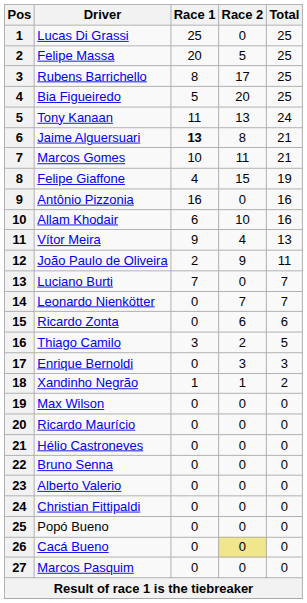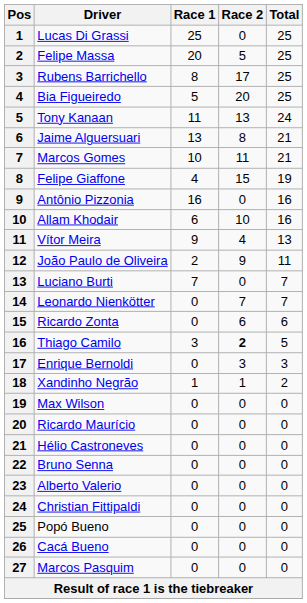 <table class="wikitable" style="font-size: 90%">
 <tr>
 <th>Pos</th>
 <th>Driver</th>
 <th>Race 1</th>
 <th>Race 2</th>
 <th>Total</th>
 </tr>
 <tr>
 <th>1</th>
 <td><a href='#'>Lucas Di Grassi</a></td>
 <td align="center">25</td>
 <td align="center">0</td>
 <td align="center">25</td>
 </tr>
 <tr>
 <th>2</th>
 <td><a href='#'>Felipe Massa</a></td>
 <td align="center">20</td>
 <td align="center">5</td>
 <td align="center">25</td>
 </tr>
 <tr>
 <th>3</th>
 <td><a href='#'>Rubens Barrichello</a></td>
 <td align="center">8</td>
 <td align="center">17</td>
 <td align="center">25</td>
 </tr>
 <tr>
 <th>4</th>
 <td><a href='#'>Bia Figueiredo</a></td>
 <td align="center">5</td>
 <td align="center">20</td>
 <td align="center">25</td>
 </tr>
 <tr>
 <th>5</th>
 <td><a href='#'>Tony Kanaan</a></td>
 <td align="center">11</td>
 <td align="center">13</td>
 <td align="center">24</td>
 </tr>
 <tr>
 <th>6</th>
 <td><a href='#'>Jaime Alguersuari</a></td>
-<td align="center"><strong>13</strong></td>
+<td align="center">13</td>
 <td align="center">8</td>
 <td align="center">21</td>
 </tr>
 <tr>
 <th>7</th>
 <td><a href='#'>Marcos Gomes</a></td>
 <td align="center">10</td>
 <td align="center">11</td>
 <td align="center">21</td>
 </tr>
 <tr>
 <th>8</th>
 <td><a href='#'>Felipe Giaffone</a></td>
 <td align="center">4</td>
 <td align="center">15</td>
 <td align="center">19</td>
 </tr>
 <tr>
 <th>9</th>
 <td><a href='#'>Antônio Pizzonia</a></td>
 <td align="center">16</td>
 <td align="center">0</td>
 <td align="center">16</td>
 </tr>
 <tr>
 <th>10</th>
 <td><a href='#'>Allam Khodair</a></td>
 <td align="center">6</td>
 <td align="center">10</td>
 <td align="center">16</td>
 </tr>
 <tr>
 <th>11</th>
 <td><a href='#'>Vítor Meira</a></td>
 <td align="center">9</td>
 <td align="center">4</td>
 <td align="center">13</td>
 </tr>
 <tr>
 <th>12</th>
 <td><a href='#'>João Paulo de Oliveira</a></td>
 <td align="center">2</td>
 <td align="center">9</td>
 <td align="center">11</td>
 </tr>
 <tr>
 <th>13</th>
 <td><a href='#'>Luciano Burti</a></td>
 <td align="center">7</td>
 <td align="center">0</td>
 <td align="center">7</td>
 </tr>
 <tr>
 <th>14</th>
 <td><a href='#'>Leonardo Nienkötter</a></td>
 <td align="center">0</td>
 <td align="center">7</td>
 <td align="center">7</td>
 </tr>
 <tr>
 <th>15</th>
 <td><a href='#'>Ricardo Zonta</a></td>
 <td align="center">0</td>
 <td align="center">6</td>
 <td align="center">6</td>
 </tr>
 <tr>
 <th>16</th>
 <td><a href='#'>Thiago Camilo</a></td>
 <td align="center">3</td>
-<td align="center">2</td>
+<td align="center"><strong>2</strong></td>
 <td align="center">5</td>
 </tr>
 <tr>
 <th>17</th>
 <td><a href='#'>Enrique Bernoldi</a></td>
 <td align="center">0</td>
 <td align="center">3</td>
 <td align="center">3</td>
 </tr>
 <tr>
 <th>18</th>
 <td><a href='#'>Xandinho Negrão</a></td>
 <td align="center">1</td>
 <td align="center">1</td>
 <td align="center">2</td>
 </tr>
 <tr>
 <th>19</th>
 <td><a href='#'>Max Wilson</a></td>
 <td align="center">0</td>
 <td align="center">0</td>
 <td align="center">0</td>
 </tr>
 <tr>
 <th>20</th>
 <td><a href='#'>Ricardo Maurício</a></td>
 <td align="center">0</td>
 <td align="center">0</td>
 <td align="center">0</td>
 </tr>
 <tr>
 <th>21</th>
 <td><a href='#'>Hélio Castroneves</a></td>
 <td align="center">0</td>
 <td align="center">0</td>
 <td align="center">0</td>
 </tr>
 <tr>
 <th>22</th>
 <td><a href='#'>Bruno Senna</a></td>
 <td align="center">0</td>
 <td align="center">0</td>
 <td align="center">0</td>
 </tr>
 <tr>
 <th>23</th>
 <td><a href='#'>Alberto Valerio</a></td>
 <td align="center">0</td>
 <td align="center">0</td>
 <td align="center">0</td>
 </tr>
 <tr>
 <th>24</th>
 <td><a href='#'>Christian Fittipaldi</a></td>
 <td align="center">0</td>
 <td align="center">0</td>
 <td align="center">0</td>
 </tr>
 <tr>
 <th>25</th>
 <td>Popó Bueno</td>
 <td align="center">0</td>
 <td align="center">0</td>
 <td align="center">0</td>
 </tr>
 <tr>
 <th>26</th>
 <td><a href='#'>Cacá Bueno</a></td>
 <td align="center">0</td>
-<td align="center" style="background: khaki;">0</td>
+<td align="center">0</td>
 <td align="center">0</td>
 </tr>
 <tr>
 <th>27</th>
 <td><a href='#'>Marcos Pasquim</a></td>
 <td align="center">0</td>
 <td align="center">0</td>
 <td align="center">0</td>
 </tr>
 <tr>
 <th colspan=5 align=center>Result of race 1 is the tiebreaker</th>
 </tr>
 <tr>
 </tr>
 </table>
